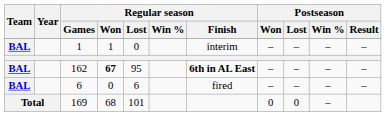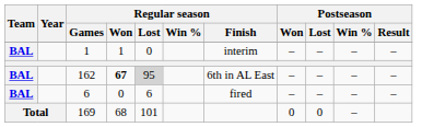 <table class="wikitable" style="text-align:center;">
 <tr>
 <th scope="col" rowspan="2">Team</th>
 <th scope="col" rowspan="2">Year</th>
 <th scope="col" colspan="5">Regular season</th>
 <th scope="col" colspan="4">Postseason</th>
 </tr>
 <tr>
 <th scope="col">Games</th>
 <th scope="col">Won</th>
 <th scope="col">Lost</th>
 <th scope="col">Win %</th>
 <th scope="col">Finish</th>
 <th scope="col">Won</th>
 <th scope="col">Lost</th>
 <th scope="col">Win %</th>
 <th scope="col">Result</th>
 </tr>
 <tr>
 </tr>
 <tr>
 <th scope="row"><a href='#'>BAL</a></th>
 <td></td>
 <td>1</td>
 <td>1</td>
 <td>0</td>
 <td></td>
 <td>interim</td>
 <td>–</td>
 <td>–</td>
 <td>–</td>
 <td>–</td>
 </tr>
 <tr>
 <th colspan="11"></th>
 </tr>
 <tr>
 <th scope="row"><a href='#'>BAL</a></th>
 <td></td>
 <td>162</td>
 <td><strong>67</strong></td>
-<td>95</td>
+<td style="background: lightgrey;">95</td>
 <td></td>
-<td><strong>6th in AL East</strong></td>
+<td>6th in AL East</td>
 <td>–</td>
 <td>–</td>
 <td>–</td>
 <td>–</td>
 </tr>
 <tr>
 <th scope="row"><a href='#'>BAL</a></th>
 <td></td>
 <td>6</td>
 <td>0</td>
 <td>6</td>
 <td></td>
 <td>fired</td>
 <td>–</td>
 <td>–</td>
 <td>–</td>
 <td>–</td>
 </tr>
 <tr>
 <th scope="row" colspan="2">Total</th>
 <td>169</td>
 <td>68</td>
 <td>101</td>
 <td></td>
 <td></td>
 <td>0</td>
 <td>0</td>
 <td>–</td>
 <td></td>
 </tr>
 </table>
